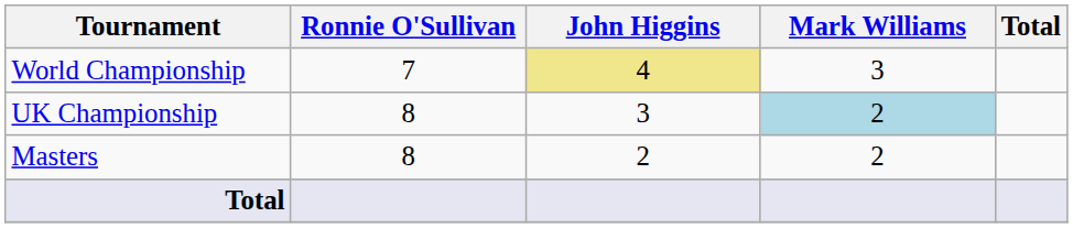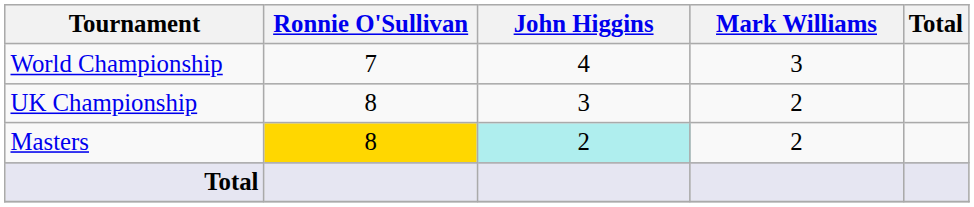 <table class="wikitable sortable" style="text-align:center">
 <tr>
 <th style="max-width: 160px; min-width: 160px;">Tournament</th>
 <th style="max-width: 130px; min-width: 130px;"><a href='#'>Ronnie O'Sullivan</a></th>
 <th style="max-width: 130px; min-width: 130px;"><a href='#'>John Higgins</a></th>
 <th style="max-width: 130px; min-width: 130px;"><a href='#'>Mark Williams</a></th>
 <th>Total</th>
 </tr>
 <tr>
 <td style="text-align:left;"><a href='#'>World Championship</a></td>
 <td>7</td>
-<td style="background: khaki;">4</td>
+<td>4</td>
 <td>3</td>
 <td></td>
 </tr>
 <tr>
 <td style="text-align:left;"><a href='#'>UK Championship</a></td>
 <td>8</td>
 <td>3</td>
-<td style="background: lightblue;">2</td>
+<td>2</td>
 <td></td>
 </tr>
 <tr>
 <td style="text-align:left;"><a href='#'>Masters</a></td>
-<td>8</td>
-<td>2</td>
+<td style="background: gold;">8</td>
+<td style="background: paleturquoise;">2</td>
 <td>2</td>
 <td></td>
 </tr>
 <tr class=sortbottom>
 <td style="background:#e6e6f2; text-align:right;"><strong>Total</strong></td>
 <td style="background:#e6e6f2;"><strong></strong></td>
 <td style="background:#e6e6f2;"><strong></strong></td>
 <td style="background:#e6e6f2;"><strong></strong></td>
 <td style="background:#e6e6f2;"><strong></strong></td>
 </tr>
 <tr>
 </tr>
 </table>
